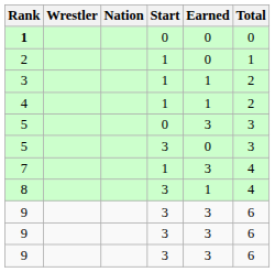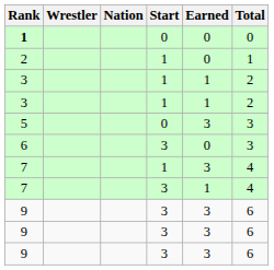 <table class="wikitable sortable" style="text-align:center;">
 <tr>
 <th>Rank</th>
 <th>Wrestler</th>
 <th>Nation</th>
 <th>Start</th>
 <th>Earned</th>
 <th>Total</th>
 </tr>
 <tr style="background:#cfc;">
 <td><strong>1</strong></td>
 <td align=left></td>
 <td align=left></td>
 <td>0</td>
 <td>0</td>
 <td>0</td>
 </tr>
 <tr style="background:#cfc;">
 <td>2</td>
 <td align=left></td>
 <td align=left></td>
 <td>1</td>
 <td>0</td>
 <td>1</td>
 </tr>
 <tr style="background:#cfc;">
 <td>3</td>
 <td align=left></td>
 <td align=left></td>
 <td>1</td>
 <td>1</td>
 <td>2</td>
 </tr>
 <tr style="background:#cfc;">
-<td>4</td>
+<td>3</td>
 <td align=left></td>
 <td align=left></td>
 <td>1</td>
 <td>1</td>
 <td>2</td>
 </tr>
 <tr style="background:#cfc;">
 <td>5</td>
 <td align=left></td>
 <td align=left></td>
 <td>0</td>
 <td>3</td>
 <td>3</td>
 </tr>
 <tr style="background:#cfc;">
-<td>5</td>
+<td>6</td>
 <td align=left></td>
 <td align=left></td>
 <td>3</td>
 <td>0</td>
 <td>3</td>
 </tr>
 <tr style="background:#cfc;">
 <td>7</td>
 <td align=left></td>
 <td align=left></td>
 <td>1</td>
 <td>3</td>
 <td>4</td>
 </tr>
 <tr style="background:#cfc;">
-<td>8</td>
+<td>7</td>
 <td align=left></td>
 <td align=left></td>
 <td>3</td>
 <td>1</td>
 <td>4</td>
 </tr>
 <tr>
 <td>9</td>
 <td align=left></td>
 <td align=left></td>
 <td>3</td>
 <td>3</td>
 <td>6</td>
 </tr>
 <tr>
 <td>9</td>
 <td align=left></td>
 <td align=left></td>
 <td>3</td>
 <td>3</td>
 <td>6</td>
 </tr>
 <tr>
 <td>9</td>
 <td align=left></td>
 <td align=left></td>
 <td>3</td>
 <td>3</td>
 <td>6</td>
 </tr>
 </table>
